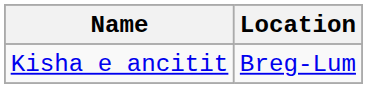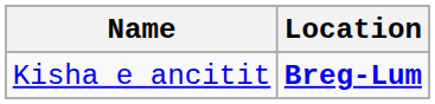 <table class="wikitable">
 <tr>
 <th>Name</th>
 <th>Location</th>
 </tr>
 <tr>
 <td><a href='#'>Kisha e ancitit</a></td>
-<td><a href='#'>Breg-Lum</a></td>
+<td><strong><a href='#'>Breg-Lum</a></strong></td>
 </tr>
 </table>
